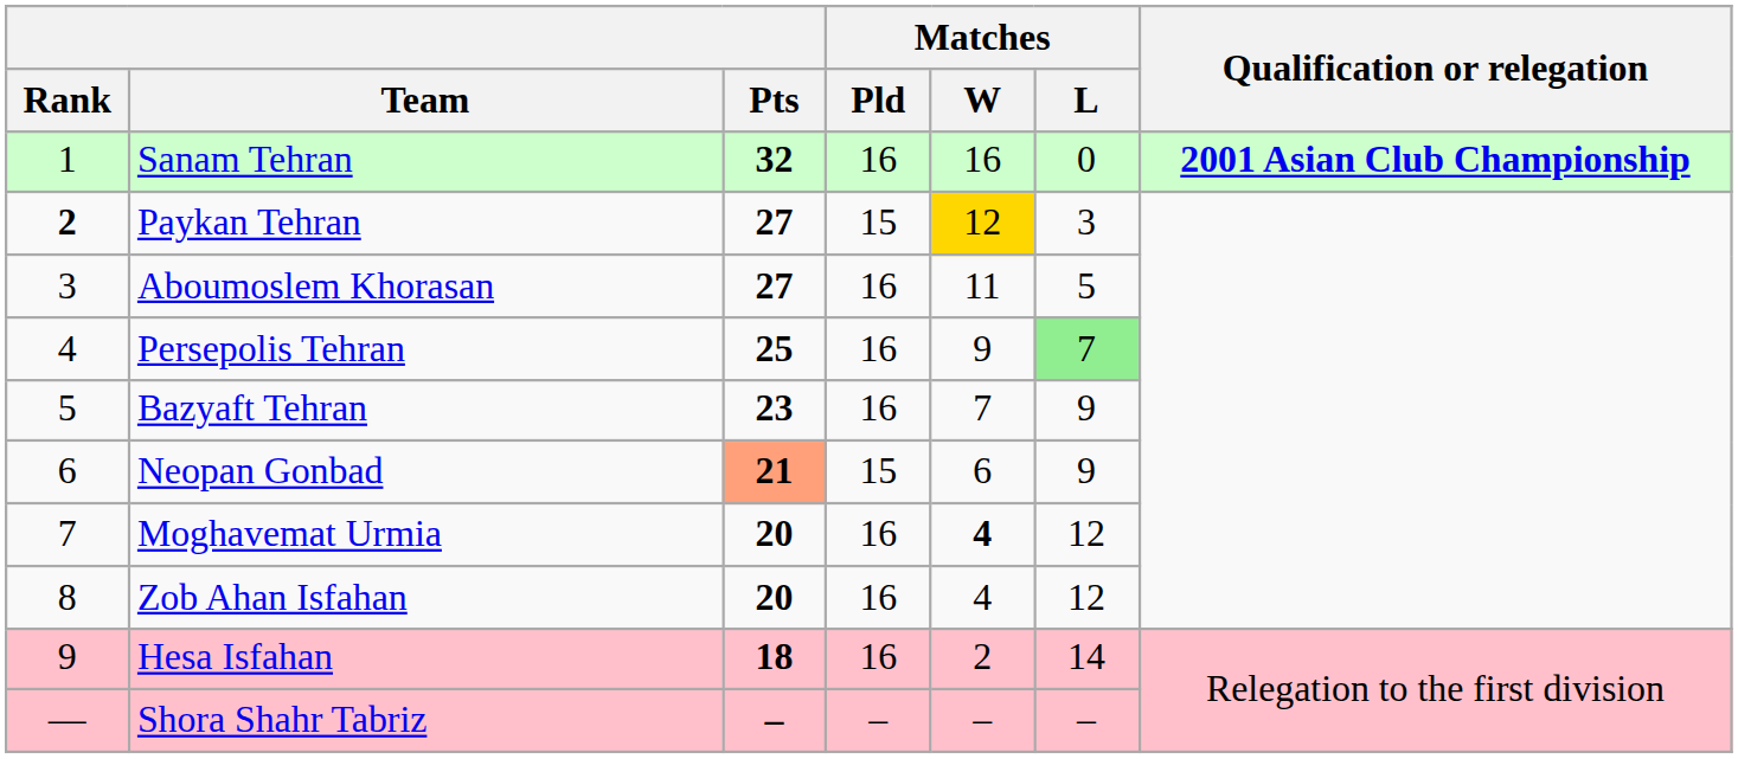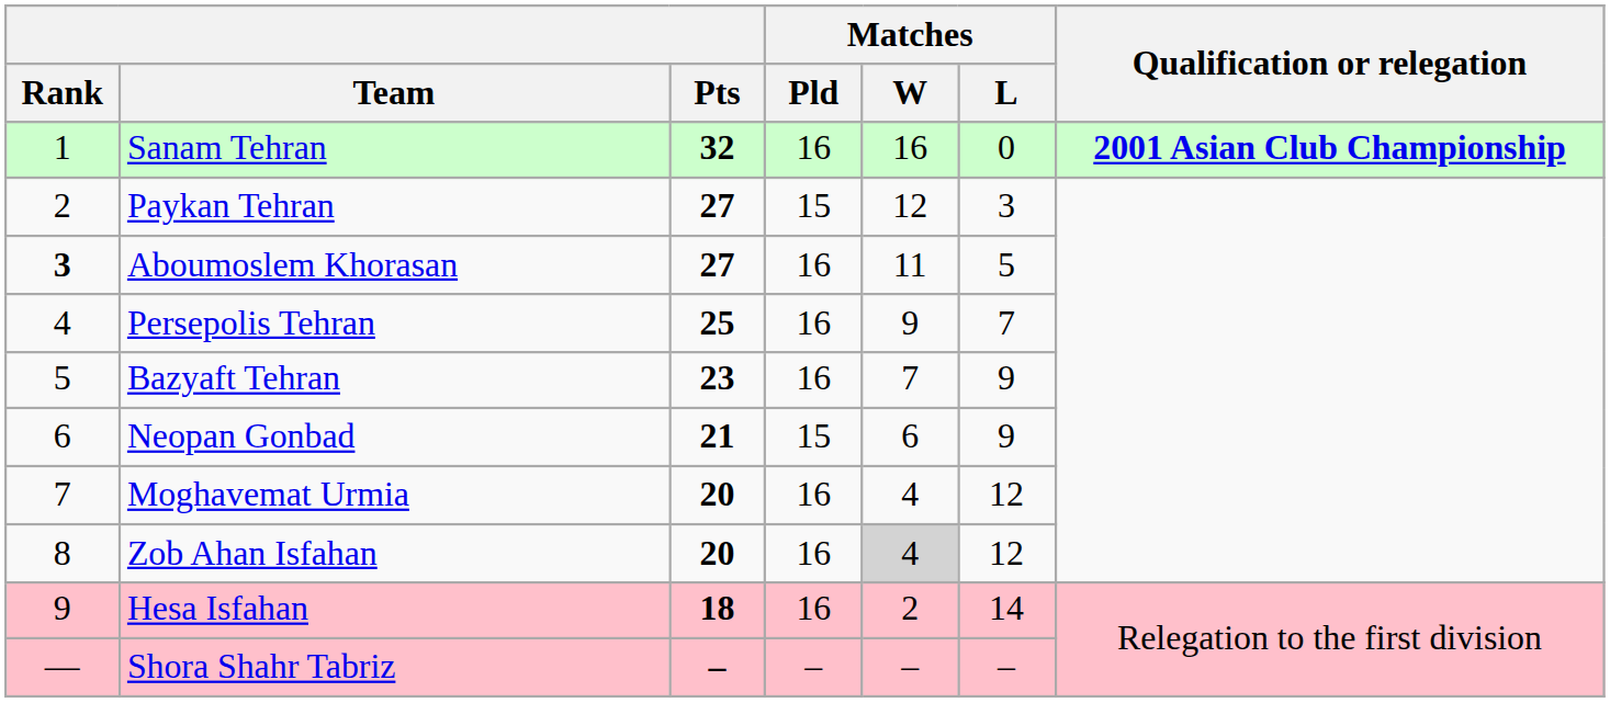 <table class="wikitable" style="text-align:center; font-size:90%">
 <tr>
 <th colspan=3></th>
 <th colspan=3>Matches</th>
 <th rowspan=2 width=220>Qualification or relegation</th>
 </tr>
 <tr>
 <th width=40>Rank</th>
 <th width=220>Team</th>
 <th width=33>Pts</th>
 <th width=33>Pld</th>
 <th width=33>W</th>
 <th width=33>L</th>
 </tr>
 <tr bgcolor=ccffcc>
 <td>1</td>
 <td align="left"><a href='#'>Sanam Tehran</a></td>
 <td><strong>32</strong></td>
 <td>16</td>
 <td>16</td>
 <td>0</td>
 <td><strong><a href='#'>2001 Asian Club Championship</a></strong></td>
 </tr>
 <tr>
-<td><strong>2</strong></td>
+<td>2</td>
 <td align="left"><a href='#'>Paykan Tehran</a></td>
 <td><strong>27</strong></td>
 <td>15</td>
-<td style="background: gold;">12</td>
+<td>12</td>
 <td>3</td>
 <td rowspan=7></td>
 </tr>
 <tr>
-<td>3</td>
+<td><strong>3</strong></td>
 <td align="left"><a href='#'>Aboumoslem Khorasan</a></td>
 <td><strong>27</strong></td>
 <td>16</td>
 <td>11</td>
 <td>5</td>
 </tr>
 <tr>
 <td>4</td>
 <td align="left"><a href='#'>Persepolis Tehran</a></td>
 <td><strong>25</strong></td>
 <td>16</td>
 <td>9</td>
-<td style="background: lightgreen;">7</td>
+<td>7</td>
 </tr>
 <tr>
 <td>5</td>
 <td align="left"><a href='#'>Bazyaft Tehran</a></td>
 <td><strong>23</strong></td>
 <td>16</td>
 <td>7</td>
 <td>9</td>
 </tr>
 <tr>
 <td>6</td>
 <td align="left"><a href='#'>Neopan Gonbad</a></td>
-<td style="background: lightsalmon;"><strong>21</strong></td>
+<td><strong>21</strong></td>
 <td>15</td>
 <td>6</td>
 <td>9</td>
 </tr>
 <tr>
 <td>7</td>
 <td align="left"><a href='#'>Moghavemat Urmia</a></td>
 <td><strong>20</strong></td>
 <td>16</td>
-<td><strong>4</strong></td>
+<td>4</td>
 <td>12</td>
 </tr>
 <tr>
 <td>8</td>
 <td align="left"><a href='#'>Zob Ahan Isfahan</a></td>
 <td><strong>20</strong></td>
 <td>16</td>
-<td>4</td>
+<td style="background: lightgrey;">4</td>
 <td>12</td>
 </tr>
 <tr bgcolor=pink>
 <td>9</td>
 <td align="left"><a href='#'>Hesa Isfahan</a></td>
 <td><strong>18</strong></td>
 <td>16</td>
 <td>2</td>
 <td>14</td>
 <td rowspan=2>Relegation to the first division</td>
 </tr>
 <tr bgcolor=pink>
 <td>—</td>
 <td align="left"><a href='#'>Shora Shahr Tabriz</a></td>
 <td><strong>–</strong></td>
 <td>–</td>
 <td>–</td>
 <td>–</td>
 </tr>
 </table>
